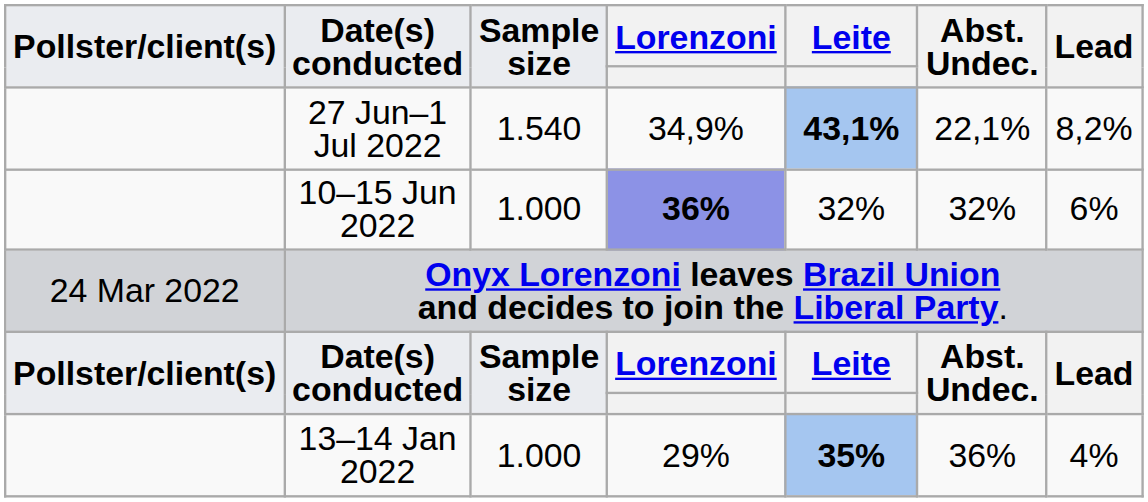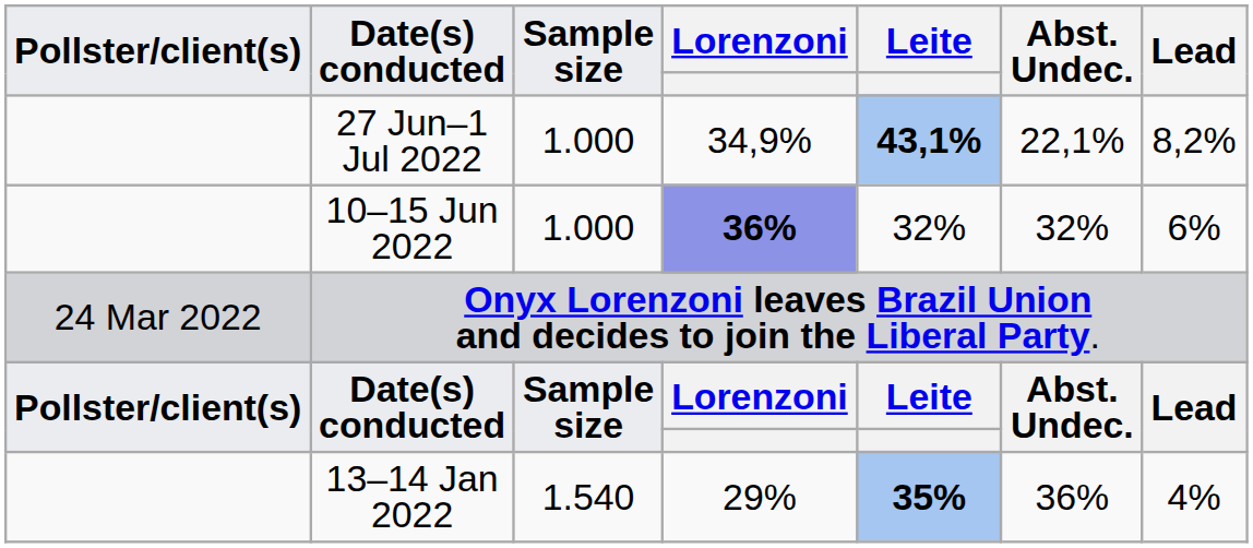 <table class="wikitable sortable" style="text-align:center;font-size:90%;line-height:14px;">
 <tr>
 <td rowspan="2" class="unsortable" style="width:50px;background:#eaecf0;"><strong>Pollster/client(s)</strong></td>
 <td rowspan="2" class="unsortable" style="width:50px;background:#eaecf0;"><strong>Date(s)<br>conducted</strong></td>
 <td rowspan="2" class="unsortable" style="width:50px;background:#eaecf0;"><strong>Sample<br> size</strong></td>
 <th class="unsortable" style="width:50px;"><a href='#'>Lorenzoni</a><br></th>
 <th class="unsortable" style="width:50px;"><a href='#'>Leite</a><br></th>
 <th rowspan="2" class="unsortable">Abst.<br>Undec.</th>
 <th rowspan="2" class="unsortable">Lead</th>
 </tr>
 <tr>
 <th data-sort-type="number" class="sortable" style="background:"></th>
 <th data-sort-type="number" class="sortable" style="background:"></th>
 </tr>
 <tr>
 <td></td>
 <td>27 Jun–1 Jul 2022</td>
-<td>1.540</td>
+<td>1.000</td>
 <td>34,9%</td>
 <td style="background:#a5c6f0;"><strong>43,1%</strong></td>
 <td>22,1%</td>
 <td style="background:">8,2%</td>
 </tr>
 <tr>
 <td></td>
 <td>10–15 Jun 2022</td>
 <td>1.000</td>
 <td style="background:#8c92e6;"><strong>36%</strong></td>
 <td>32%</td>
 <td>32%</td>
 <td style="background:">6%</td>
 </tr>
 <tr>
 <td style="background:#d1d3d7;">24 Mar 2022</td>
 <td colspan="6" style="background:#d1d3d7;"><strong><a href='#'>Onyx Lorenzoni</a> leaves <a href='#'>Brazil Union</a> <br>and decides to join the <a href='#'>Liberal Party</a></strong>.</td>
 </tr>
 <tr>
 <td rowspan="2" class="unsortable" style="width:50px;background:#eaecf0;"><strong>Pollster/client(s)</strong></td>
 <td rowspan="2" class="unsortable" style="width:50px;background:#eaecf0;"><strong>Date(s)<br>conducted</strong></td>
 <td rowspan="2" class="unsortable" style="width:50px;background:#eaecf0;"><strong>Sample<br> size</strong></td>
 <th class="unsortable" style="width:50px;"><a href='#'>Lorenzoni</a><br></th>
 <th class="unsortable" style="width:50px;"><a href='#'>Leite</a><br></th>
 <th rowspan="2" class="unsortable">Abst.<br>Undec.</th>
 <th rowspan="2" data-sort-type="number">Lead</th>
 </tr>
 <tr>
 <th data-sort-type="number" class="sortable" style="background:"></th>
 <th data-sort-type="number" class="sortable" style="background:"></th>
 </tr>
 <tr>
 <td></td>
 <td>13–14 Jan 2022</td>
-<td>1.000</td>
+<td>1.540</td>
 <td>29%</td>
 <td style="background:#a5c6f0;"><strong>35%</strong></td>
 <td>36%</td>
 <td style="background:">4%</td>
 </tr>
 </table>
